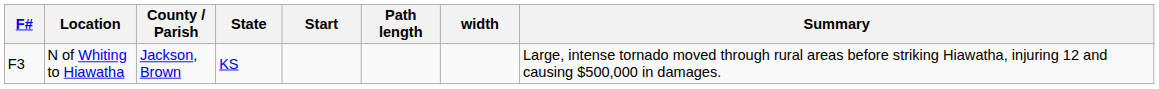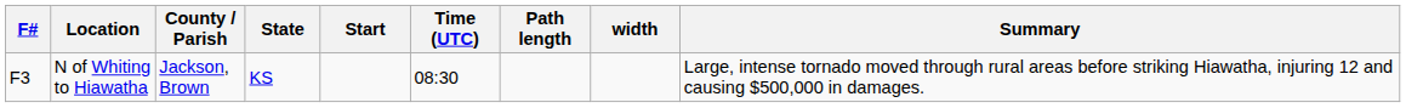 <table class="wikitable sortable" style="width:100%;">
 <tr>
 <th scope="col"  style="width:3%; text-align:center;"><a href='#'>F#</a></th>
 <th scope="col"  style="width:7%; text-align:center;" class="unsortable">Location</th>
 <th scope="col"  style="width:6%; text-align:center;" class="unsortable">County / Parish</th>
 <th scope="col"  style="width:5%; text-align:center;">State</th>
 <th scope="col"  style="width:6%; text-align:center;">Start<br></th>
+<th scope="col"  style="width:6%; text-align:center;">Time (<a href='#'>UTC</a>)</th>
 <th scope="col"  style="width:6%; text-align:center;">Path length</th>
 <th scope="col"  style="width:6%; text-align:center;"> width</th>
 <th scope="col" class="unsortable" style="width:48%; text-align:center;">Summary</th>
 </tr>
 <tr>
 <td>F3</td>
 <td>N of <a href='#'>Whiting</a> to <a href='#'>Hiawatha</a></td>
 <td><a href='#'>Jackson</a>, <a href='#'>Brown</a></td>
 <td><a href='#'>KS</a></td>
 <td></td>
+<td>08:30</td>
 <td></td>
 <td></td>
 <td>Large, intense tornado moved through rural areas before striking Hiawatha, injuring 12 and causing $500,000 in damages.</td>
 </tr>
 </table>
